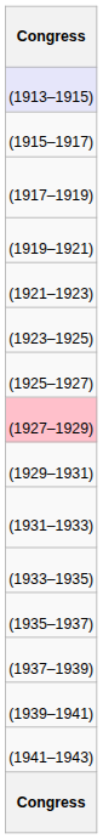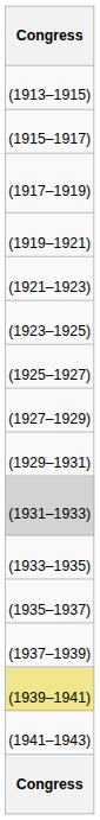 <table class="wikitable" style="float:left; margin:0; margin-right:-0.5px; margin-top:14px; text-align:center;">
 <tr style="white-space:nowrap; height:4.06em;">
 <th>Congress</th>
 </tr>
 <tr style="white-space:nowrap; height:3em;">
-<td style="background: lavender;"><strong></strong><br>(1913–1915)</td>
+<td><strong></strong><br>(1913–1915)</td>
 </tr>
 <tr style="white-space:nowrap; height:3em">
 <td><strong></strong><br>(1915–1917)</td>
 </tr>
 <tr style="white-space:nowrap; height:4.08em">
 <td><strong></strong><br>(1917–1919)</td>
 </tr>
 <tr style="white-space:nowrap; height:3em">
 <td><strong></strong><br>(1919–1921)</td>
 </tr>
 <tr style="white-space:nowrap; height:3em">
 <td><strong></strong><br>(1921–1923)</td>
 </tr>
 <tr style="white-space:nowrap; height:3em;">
 <td><strong></strong><br>(1923–1925)</td>
 </tr>
 <tr style="white-space:nowrap; height:3em">
 <td><strong></strong><br>(1925–1927)</td>
 </tr>
 <tr style="white-space:nowrap; height:3em">
-<td style="background: pink;"><strong></strong><br>(1927–1929)</td>
+<td><strong></strong><br>(1927–1929)</td>
 </tr>
 <tr style="white-space:nowrap; height:3em">
 <td><strong></strong><br>(1929–1931)</td>
 </tr>
 <tr style="white-space:nowrap; height:4.08em">
-<td><strong></strong><br>(1931–1933)</td>
+<td style="background: lightgrey;"><strong></strong><br>(1931–1933)</td>
 </tr>
 <tr style="white-space:nowrap; height:3em;">
 <td><strong></strong><br>(1933–1935)</td>
 </tr>
 <tr style="white-space:nowrap; height:3em">
 <td><strong></strong><br>(1935–1937)</td>
 </tr>
 <tr style="white-space:nowrap; height:3em">
 <td><strong></strong><br>(1937–1939)</td>
 </tr>
 <tr style="white-space:nowrap; height:3em">
-<td><strong></strong><br>(1939–1941)</td>
+<td style="background: khaki;"><strong></strong><br>(1939–1941)</td>
 </tr>
 <tr style="white-space:nowrap; height:3em">
 <td><strong></strong><br>(1941–1943)</td>
 </tr>
 <tr style="white-space:nowrap; height:4.06em;">
 <th>Congress</th>
 </tr>
 </table>
